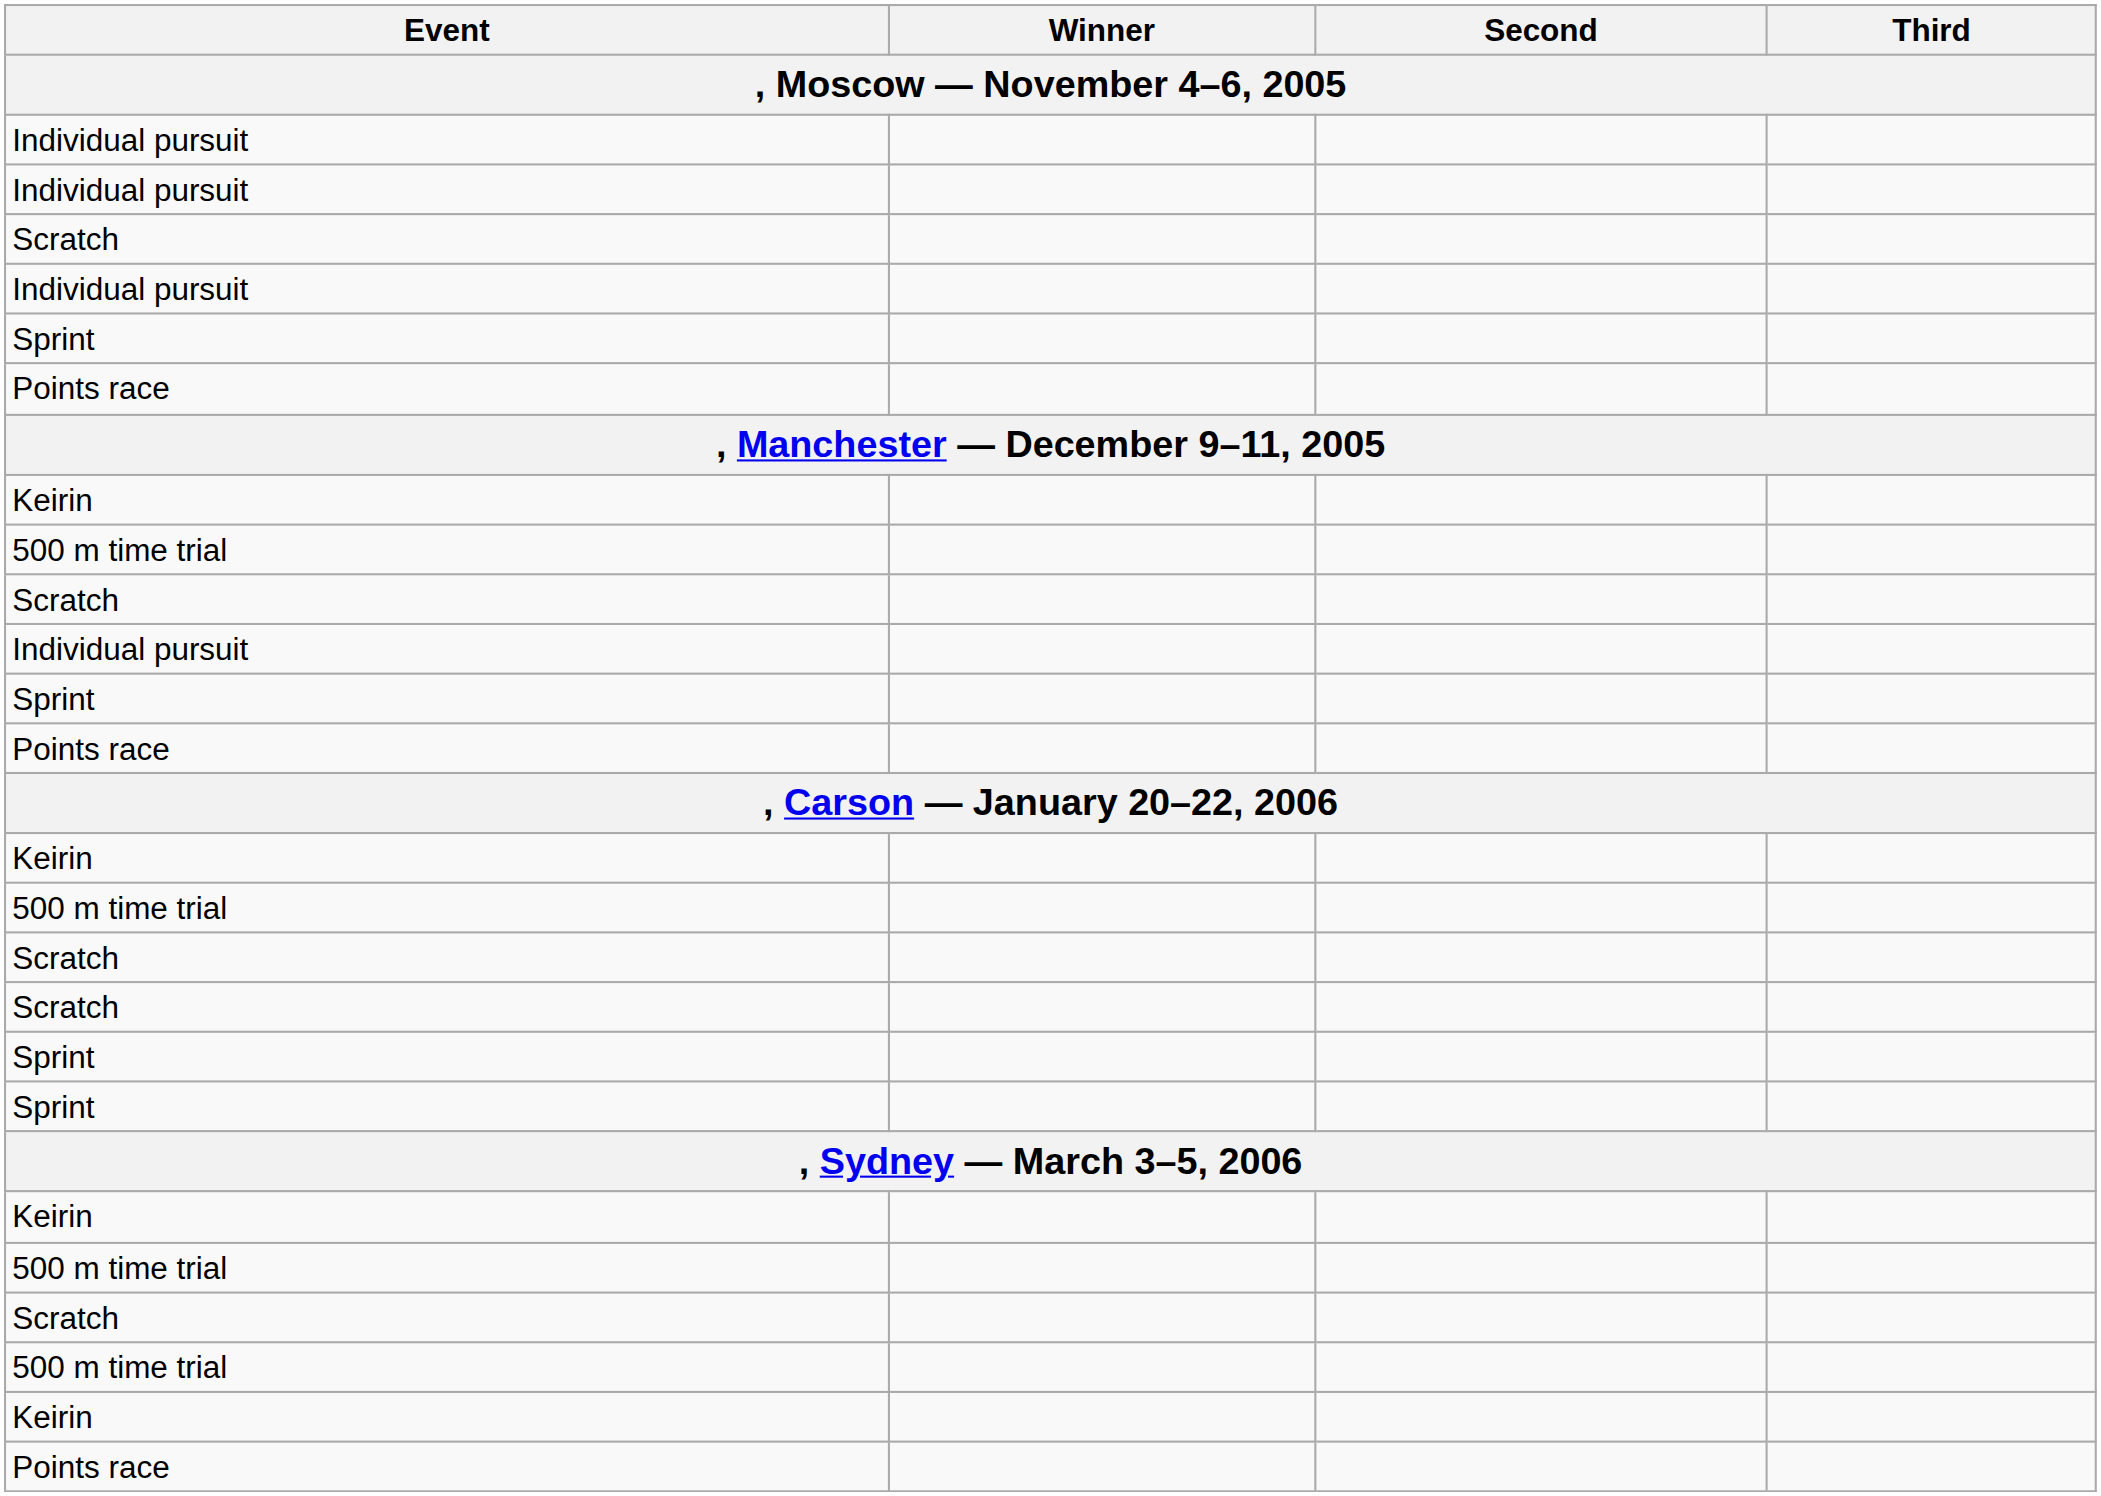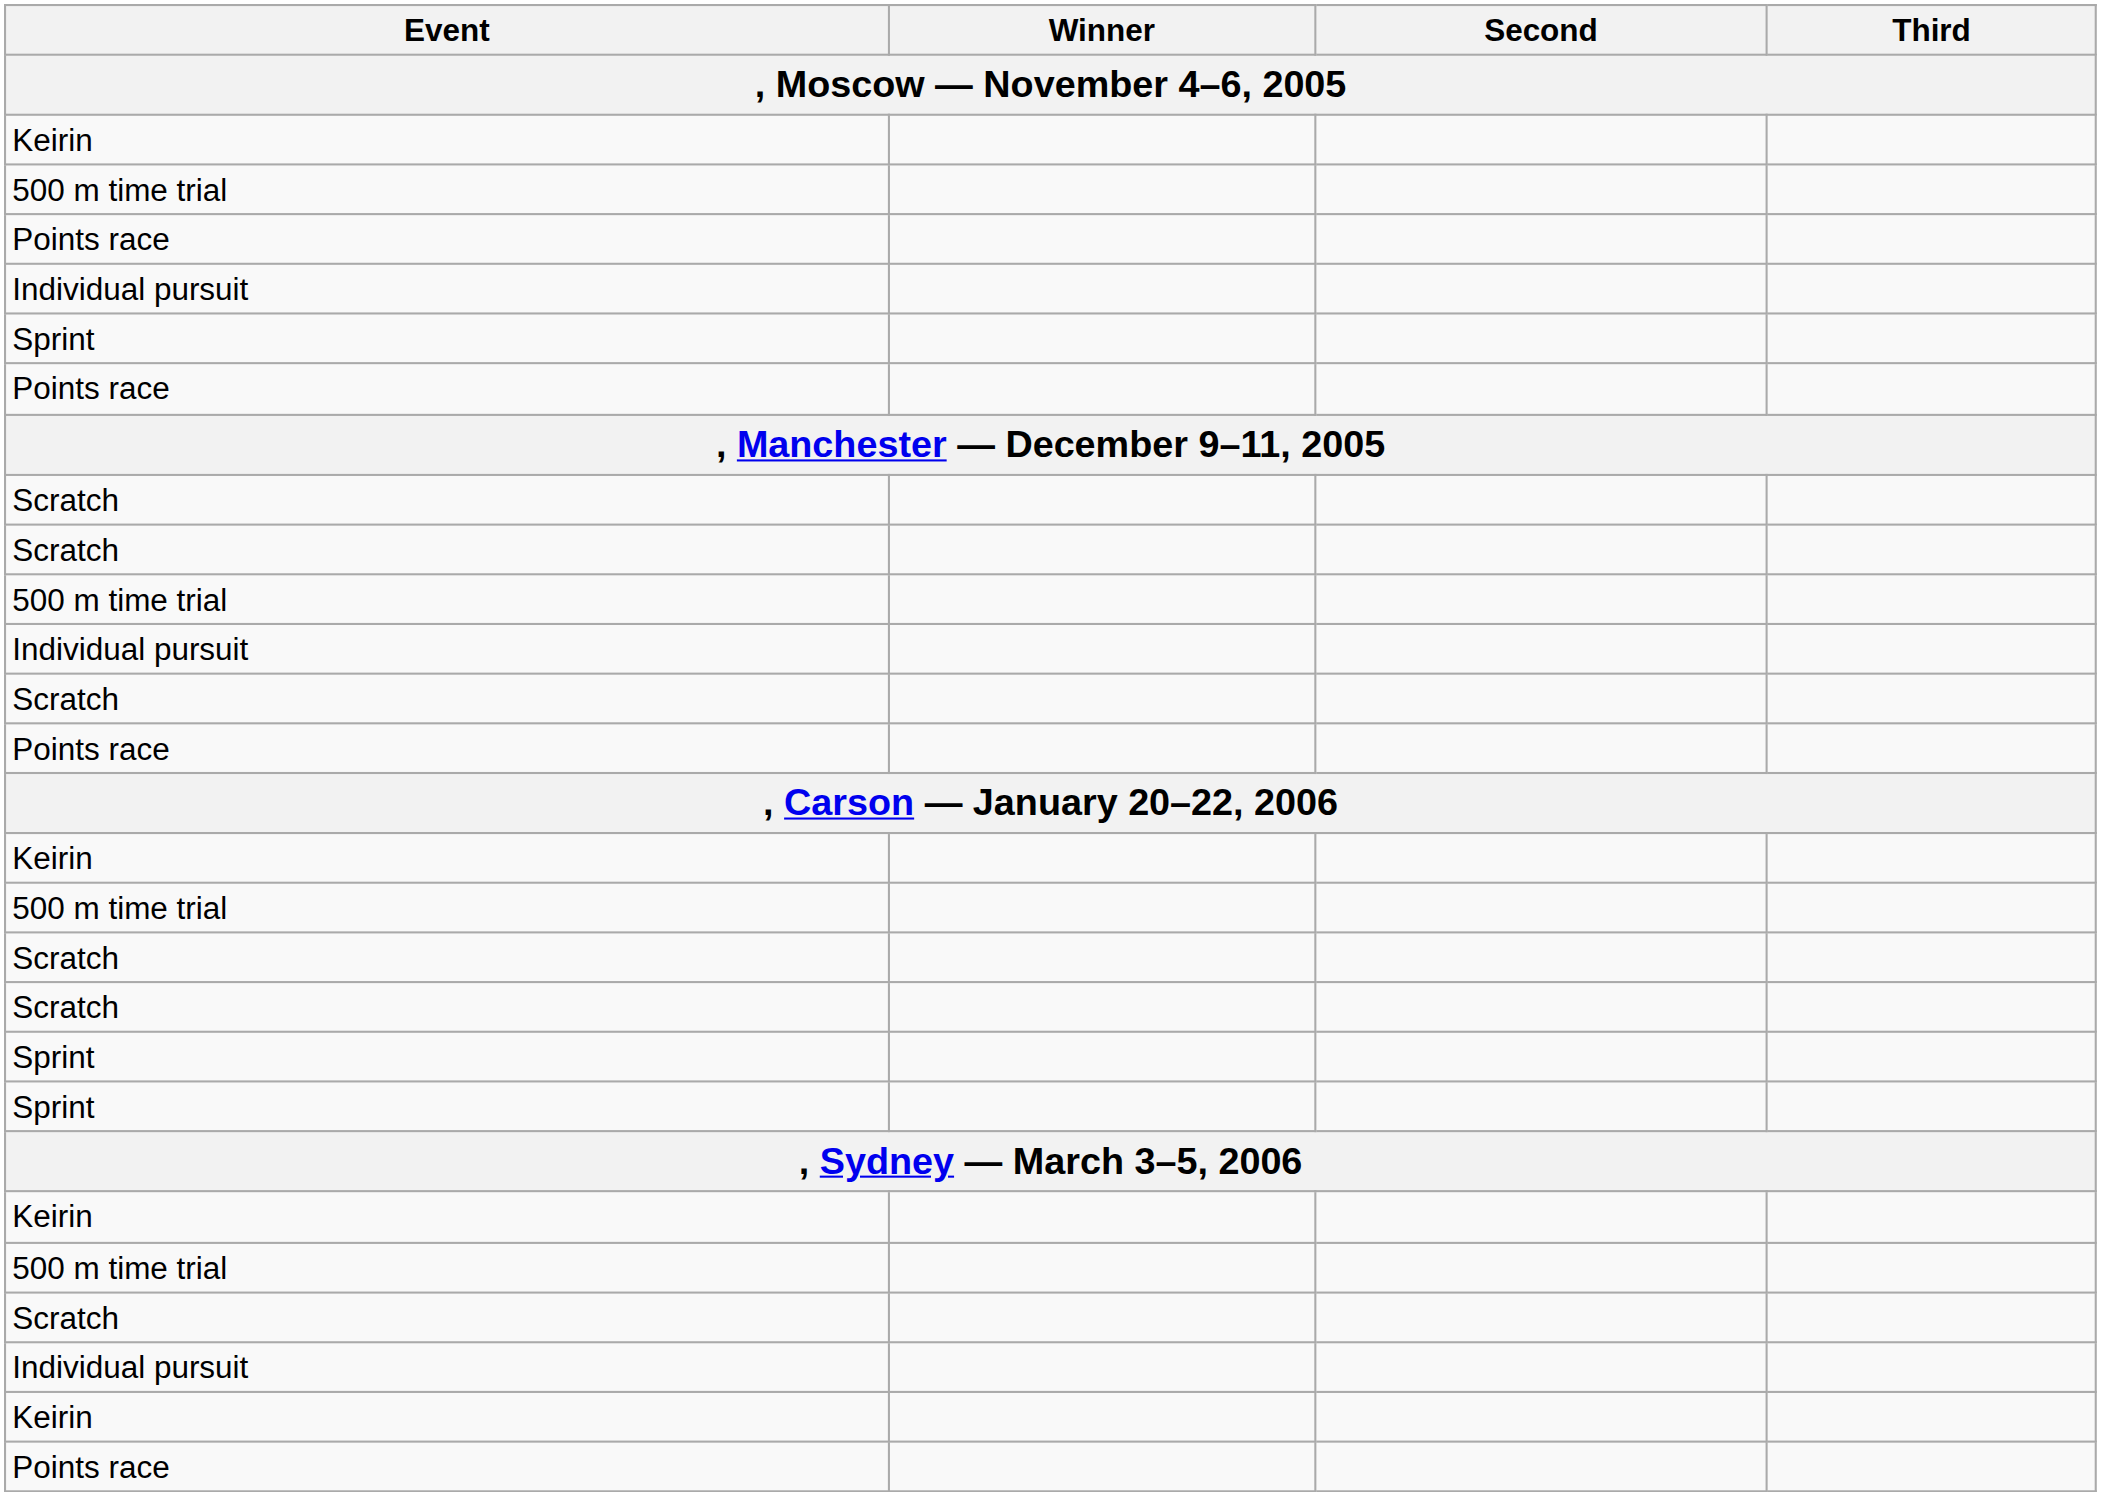 <table class=wikitable style="font-size:95%" width="80%">
 <tr>
 <th>Event</th>
 <th>Winner</th>
 <th>Second</th>
 <th>Third</th>
 </tr>
 <tr>
 <th colspan=4><big>, Moscow — November 4–6, 2005</big></th>
 </tr>
 <tr>
-<td>Individual pursuit</td>
+<td>Keirin</td>
 <td></td>
 <td></td>
 <td></td>
 </tr>
 <tr>
-<td>Individual pursuit</td>
+<td>500 m time trial</td>
 <td></td>
 <td></td>
 <td></td>
 </tr>
 <tr>
-<td>Scratch</td>
+<td>Points race</td>
 <td></td>
 <td></td>
 <td></td>
 </tr>
 <tr>
 <td>Individual pursuit</td>
 <td></td>
 <td></td>
 <td></td>
 </tr>
 <tr>
 <td>Sprint</td>
 <td></td>
 <td></td>
 <td></td>
 </tr>
 <tr>
 <td>Points race</td>
 <td></td>
 <td></td>
 <td></td>
 </tr>
 <tr>
 <th colspan=4><big>, <a href='#'>Manchester</a> — December 9–11, 2005</big></th>
 </tr>
 <tr>
-<td>Keirin</td>
+<td>Scratch</td>
+<td></td>
+<td></td>
+<td></td>
+</tr>
+<tr>
+<td>Scratch</td>
 <td></td>
 <td></td>
 <td></td>
 </tr>
 <tr>
 <td>500 m time trial</td>
 <td></td>
 <td></td>
 <td></td>
 </tr>
 <tr>
-<td>Scratch</td>
-<td></td>
-<td></td>
-<td></td>
-</tr>
-<tr>
 <td>Individual pursuit</td>
 <td></td>
 <td></td>
 <td></td>
 </tr>
 <tr>
-<td>Sprint</td>
+<td>Scratch</td>
 <td></td>
 <td></td>
 <td></td>
 </tr>
 <tr>
 <td>Points race</td>
 <td></td>
 <td></td>
 <td></td>
 </tr>
 <tr>
 <th colspan=4><big>, <a href='#'>Carson</a> — January 20–22, 2006</big></th>
 </tr>
 <tr>
 <td>Keirin</td>
 <td></td>
 <td></td>
 <td></td>
 </tr>
 <tr>
 <td>500 m time trial</td>
 <td></td>
 <td></td>
 <td></td>
 </tr>
 <tr>
 <td>Scratch</td>
 <td></td>
 <td></td>
 <td></td>
 </tr>
 <tr>
 <td>Scratch</td>
 <td></td>
 <td></td>
 <td></td>
 </tr>
 <tr>
 <td>Sprint</td>
 <td></td>
 <td></td>
 <td></td>
 </tr>
 <tr>
 <td>Sprint</td>
 <td></td>
 <td></td>
 <td></td>
 </tr>
 <tr>
 <th colspan=4><big>, <a href='#'>Sydney</a> — March 3–5, 2006</big></th>
 </tr>
 <tr>
 <td>Keirin</td>
 <td></td>
 <td></td>
 <td></td>
 </tr>
 <tr>
 <td>500 m time trial</td>
 <td></td>
 <td></td>
 <td></td>
 </tr>
 <tr>
 <td>Scratch</td>
 <td></td>
 <td></td>
 <td></td>
 </tr>
 <tr>
-<td>500 m time trial</td>
+<td>Individual pursuit</td>
 <td></td>
 <td></td>
 <td></td>
 </tr>
 <tr>
 <td>Keirin</td>
 <td></td>
 <td></td>
 <td></td>
 </tr>
 <tr>
 <td>Points race</td>
 <td></td>
 <td></td>
 <td></td>
 </tr>
 </table>
